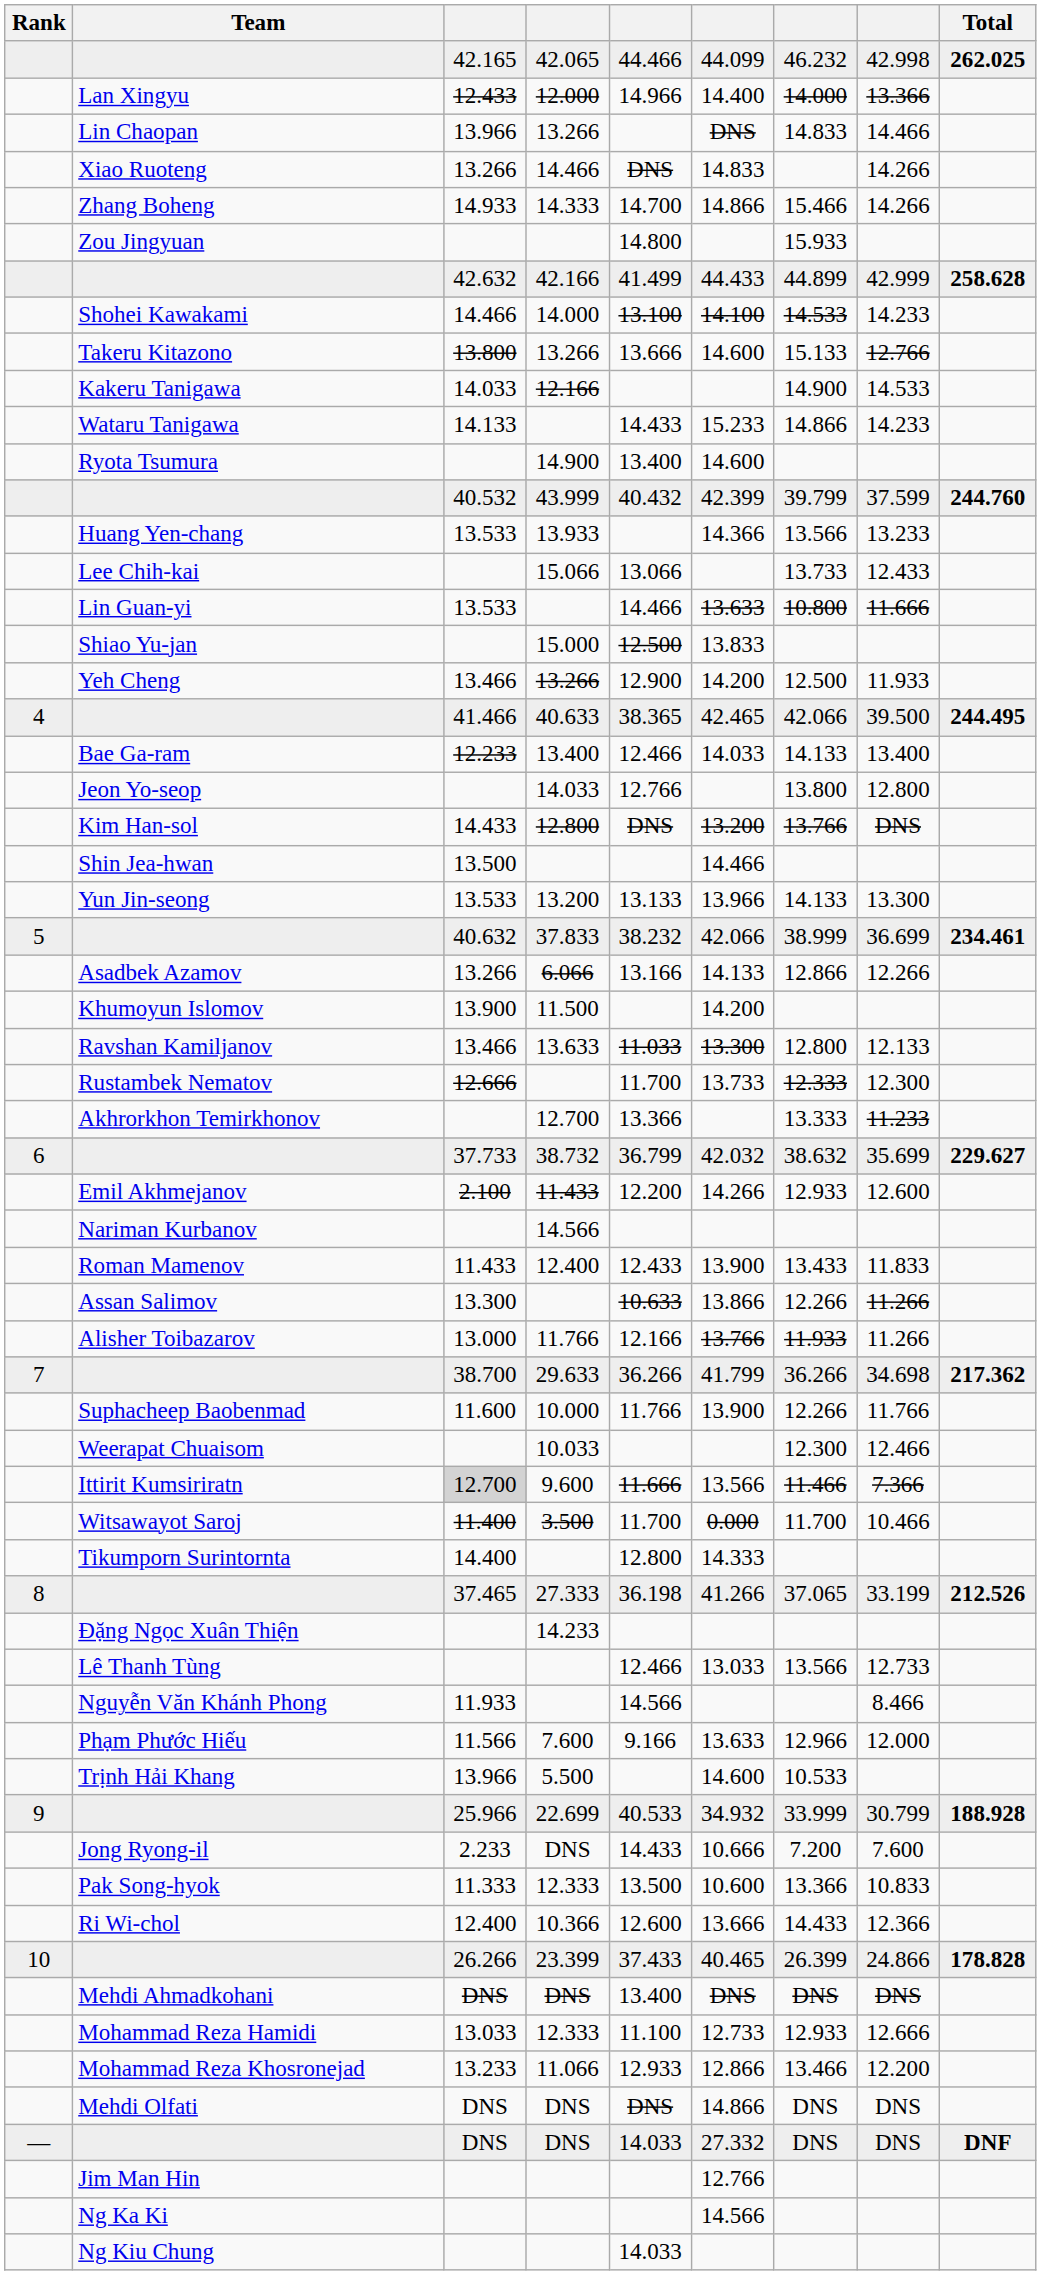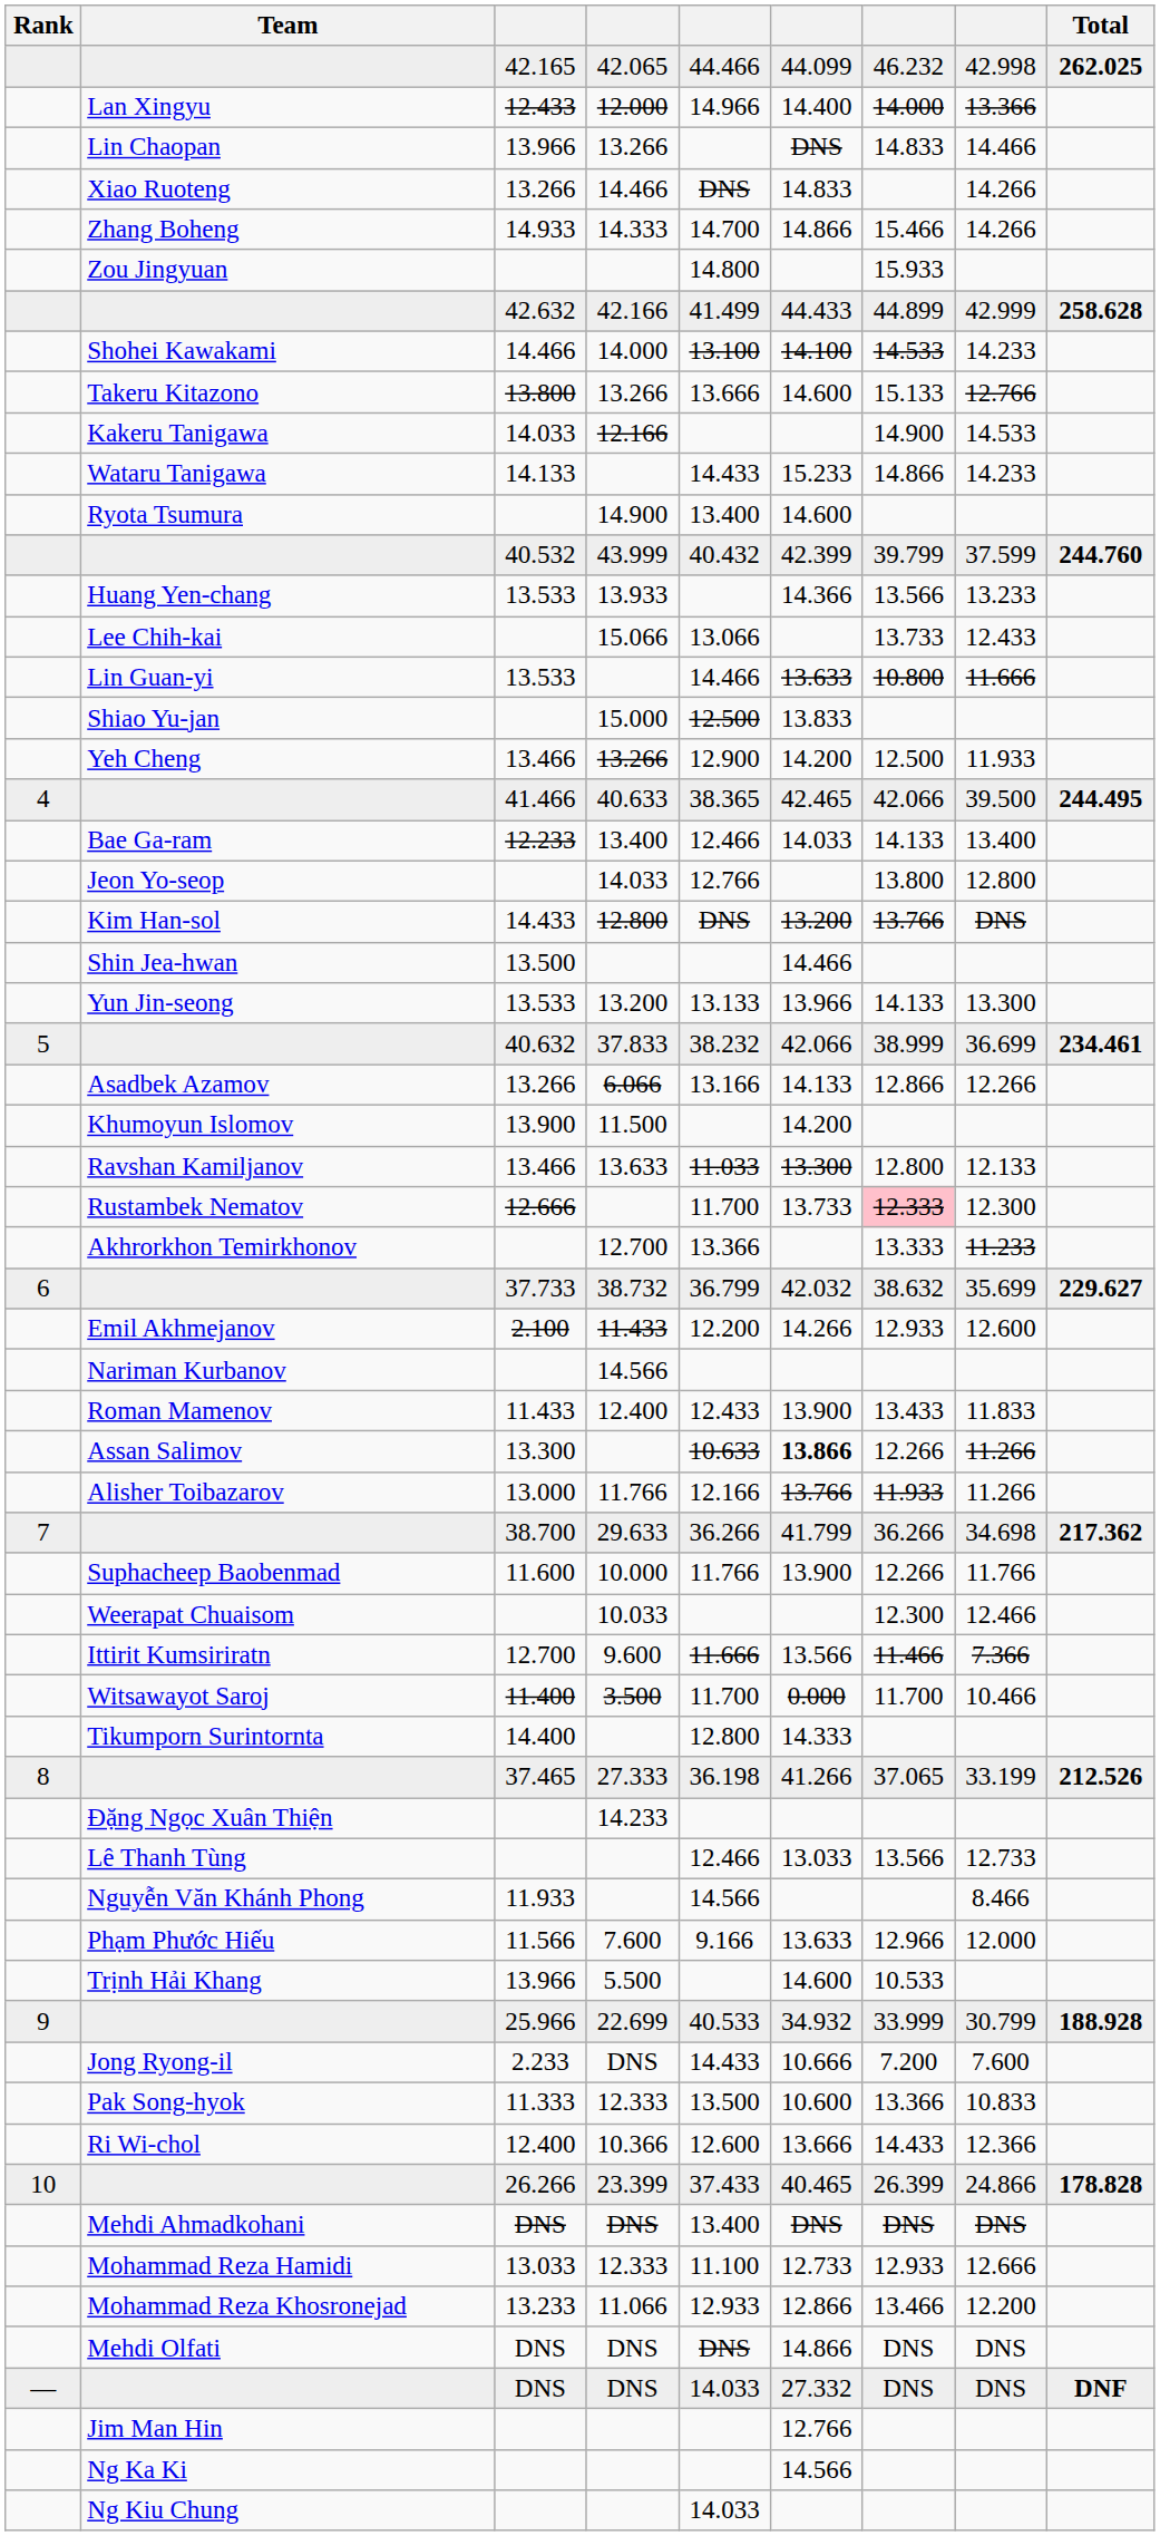 <table class=wikitable style="text-align:center">
 <tr>
 <th width=40>Rank</th>
 <th width=250>Team</th>
 <th width=50></th>
 <th width=50></th>
 <th width=50></th>
 <th width=50></th>
 <th width=50></th>
 <th width=50></th>
 <th width=60>Total</th>
 </tr>
 <tr bgcolor=eeeeee>
 <td></td>
 <td align=left></td>
 <td>42.165</td>
 <td>42.065</td>
 <td>44.466</td>
 <td>44.099</td>
 <td>46.232</td>
 <td>42.998</td>
 <td><strong>262.025</strong></td>
 </tr>
 <tr>
 <td></td>
 <td align=left><a href='#'>Lan Xingyu</a></td>
 <td><s>12.433</s></td>
 <td><s>12.000</s></td>
 <td>14.966</td>
 <td>14.400</td>
 <td><s>14.000</s></td>
 <td><s>13.366</s></td>
 <td></td>
 </tr>
 <tr>
 <td></td>
 <td align=left><a href='#'>Lin Chaopan</a></td>
 <td>13.966</td>
 <td>13.266</td>
 <td></td>
 <td><s>DNS</s></td>
 <td>14.833</td>
 <td>14.466</td>
 <td></td>
 </tr>
 <tr>
 <td></td>
 <td align=left><a href='#'>Xiao Ruoteng</a></td>
 <td>13.266</td>
 <td>14.466</td>
 <td><s>DNS</s></td>
 <td>14.833</td>
 <td></td>
 <td>14.266</td>
 <td></td>
 </tr>
 <tr>
 <td></td>
 <td align=left><a href='#'>Zhang Boheng</a></td>
 <td>14.933</td>
 <td>14.333</td>
 <td>14.700</td>
 <td>14.866</td>
 <td>15.466</td>
 <td>14.266</td>
 <td></td>
 </tr>
 <tr>
 <td></td>
 <td align=left><a href='#'>Zou Jingyuan</a></td>
 <td></td>
 <td></td>
 <td>14.800</td>
 <td></td>
 <td>15.933</td>
 <td></td>
 <td></td>
 </tr>
 <tr bgcolor=eeeeee>
 <td></td>
 <td align=left></td>
 <td>42.632</td>
 <td>42.166</td>
 <td>41.499</td>
 <td>44.433</td>
 <td>44.899</td>
 <td>42.999</td>
 <td><strong>258.628</strong></td>
 </tr>
 <tr>
 <td></td>
 <td align=left><a href='#'>Shohei Kawakami</a></td>
 <td>14.466</td>
 <td>14.000</td>
 <td><s>13.100</s></td>
 <td><s>14.100</s></td>
 <td><s>14.533</s></td>
 <td>14.233</td>
 <td></td>
 </tr>
 <tr>
 <td></td>
 <td align=left><a href='#'>Takeru Kitazono</a></td>
 <td><s>13.800</s></td>
 <td>13.266</td>
 <td>13.666</td>
 <td>14.600</td>
 <td>15.133</td>
 <td><s>12.766</s></td>
 <td></td>
 </tr>
 <tr>
 <td></td>
 <td align=left><a href='#'>Kakeru Tanigawa</a></td>
 <td>14.033</td>
 <td><s>12.166</s></td>
 <td></td>
 <td></td>
 <td>14.900</td>
 <td>14.533</td>
 <td></td>
 </tr>
 <tr>
 <td></td>
 <td align=left><a href='#'>Wataru Tanigawa</a></td>
 <td>14.133</td>
 <td></td>
 <td>14.433</td>
 <td>15.233</td>
 <td>14.866</td>
 <td>14.233</td>
 <td></td>
 </tr>
 <tr>
 <td></td>
 <td align=left><a href='#'>Ryota Tsumura</a></td>
 <td></td>
 <td>14.900</td>
 <td>13.400</td>
 <td>14.600</td>
 <td></td>
 <td></td>
 <td></td>
 </tr>
 <tr bgcolor=eeeeee>
 <td></td>
 <td align=left></td>
 <td>40.532</td>
 <td>43.999</td>
 <td>40.432</td>
 <td>42.399</td>
 <td>39.799</td>
 <td>37.599</td>
 <td><strong>244.760</strong></td>
 </tr>
 <tr>
 <td></td>
 <td align=left><a href='#'>Huang Yen-chang</a></td>
 <td>13.533</td>
 <td>13.933</td>
 <td></td>
 <td>14.366</td>
 <td>13.566</td>
 <td>13.233</td>
 <td></td>
 </tr>
 <tr>
 <td></td>
 <td align=left><a href='#'>Lee Chih-kai</a></td>
 <td></td>
 <td>15.066</td>
 <td>13.066</td>
 <td></td>
 <td>13.733</td>
 <td>12.433</td>
 <td></td>
 </tr>
 <tr>
 <td></td>
 <td align=left><a href='#'>Lin Guan-yi</a></td>
 <td>13.533</td>
 <td></td>
 <td>14.466</td>
 <td><s>13.633</s></td>
 <td><s>10.800</s></td>
 <td><s>11.666</s></td>
 <td></td>
 </tr>
 <tr>
 <td></td>
 <td align=left><a href='#'>Shiao Yu-jan</a></td>
 <td></td>
 <td>15.000</td>
 <td><s>12.500</s></td>
 <td>13.833</td>
 <td></td>
 <td></td>
 <td></td>
 </tr>
 <tr>
 <td></td>
 <td align=left><a href='#'>Yeh Cheng</a></td>
 <td>13.466</td>
 <td><s>13.266</s></td>
 <td>12.900</td>
 <td>14.200</td>
 <td>12.500</td>
 <td>11.933</td>
 <td></td>
 </tr>
 <tr bgcolor=eeeeee>
 <td>4</td>
 <td align=left></td>
 <td>41.466</td>
 <td>40.633</td>
 <td>38.365</td>
 <td>42.465</td>
 <td>42.066</td>
 <td>39.500</td>
 <td><strong>244.495</strong></td>
 </tr>
 <tr>
 <td></td>
 <td align=left><a href='#'>Bae Ga-ram</a></td>
 <td><s>12.233</s></td>
 <td>13.400</td>
 <td>12.466</td>
 <td>14.033</td>
 <td>14.133</td>
 <td>13.400</td>
 <td></td>
 </tr>
 <tr>
 <td></td>
 <td align=left><a href='#'>Jeon Yo-seop</a></td>
 <td></td>
 <td>14.033</td>
 <td>12.766</td>
 <td></td>
 <td>13.800</td>
 <td>12.800</td>
 <td></td>
 </tr>
 <tr>
 <td></td>
 <td align=left><a href='#'>Kim Han-sol</a></td>
 <td>14.433</td>
 <td><s>12.800</s></td>
 <td><s>DNS</s></td>
 <td><s>13.200</s></td>
 <td><s>13.766</s></td>
 <td><s>DNS</s></td>
 <td></td>
 </tr>
 <tr>
 <td></td>
 <td align=left><a href='#'>Shin Jea-hwan</a></td>
 <td>13.500</td>
 <td></td>
 <td></td>
 <td>14.466</td>
 <td></td>
 <td></td>
 <td></td>
 </tr>
 <tr>
 <td></td>
 <td align=left><a href='#'>Yun Jin-seong</a></td>
 <td>13.533</td>
 <td>13.200</td>
 <td>13.133</td>
 <td>13.966</td>
 <td>14.133</td>
 <td>13.300</td>
 <td></td>
 </tr>
 <tr bgcolor=eeeeee>
 <td>5</td>
 <td align=left></td>
 <td>40.632</td>
 <td>37.833</td>
 <td>38.232</td>
 <td>42.066</td>
 <td>38.999</td>
 <td>36.699</td>
 <td><strong>234.461</strong></td>
 </tr>
 <tr>
 <td></td>
 <td align=left><a href='#'>Asadbek Azamov</a></td>
 <td>13.266</td>
 <td><s>6.066</s></td>
 <td>13.166</td>
 <td>14.133</td>
 <td>12.866</td>
 <td>12.266</td>
 <td></td>
 </tr>
 <tr>
 <td></td>
 <td align=left><a href='#'>Khumoyun Islomov</a></td>
 <td>13.900</td>
 <td>11.500</td>
 <td></td>
 <td>14.200</td>
 <td></td>
 <td></td>
 <td></td>
 </tr>
 <tr>
 <td></td>
 <td align=left><a href='#'>Ravshan Kamiljanov</a></td>
 <td>13.466</td>
 <td>13.633</td>
 <td><s>11.033</s></td>
 <td><s>13.300</s></td>
 <td>12.800</td>
 <td>12.133</td>
 <td></td>
 </tr>
 <tr>
 <td></td>
 <td align=left><a href='#'>Rustambek Nematov</a></td>
 <td><s>12.666</s></td>
 <td></td>
 <td>11.700</td>
 <td>13.733</td>
-<td><s>12.333</s></td>
+<td style="background: pink;"><s>12.333</s></td>
 <td>12.300</td>
 <td></td>
 </tr>
 <tr>
 <td></td>
 <td align=left><a href='#'>Akhrorkhon Temirkhonov</a></td>
 <td></td>
 <td>12.700</td>
 <td>13.366</td>
 <td></td>
 <td>13.333</td>
 <td><s>11.233</s></td>
 <td></td>
 </tr>
 <tr bgcolor=eeeeee>
 <td>6</td>
 <td align=left></td>
 <td>37.733</td>
 <td>38.732</td>
 <td>36.799</td>
 <td>42.032</td>
 <td>38.632</td>
 <td>35.699</td>
 <td><strong>229.627</strong></td>
 </tr>
 <tr>
 <td></td>
 <td align=left><a href='#'>Emil Akhmejanov</a></td>
 <td><s>2.100</s></td>
 <td><s>11.433</s></td>
 <td>12.200</td>
 <td>14.266</td>
 <td>12.933</td>
 <td>12.600</td>
 <td></td>
 </tr>
 <tr>
 <td></td>
 <td align=left><a href='#'>Nariman Kurbanov</a></td>
 <td></td>
 <td>14.566</td>
 <td></td>
 <td></td>
 <td></td>
 <td></td>
 <td></td>
 </tr>
 <tr>
 <td></td>
 <td align=left><a href='#'>Roman Mamenov</a></td>
 <td>11.433</td>
 <td>12.400</td>
 <td>12.433</td>
 <td>13.900</td>
 <td>13.433</td>
 <td>11.833</td>
 <td></td>
 </tr>
 <tr>
 <td></td>
 <td align=left><a href='#'>Assan Salimov</a></td>
 <td>13.300</td>
 <td></td>
 <td><s>10.633</s></td>
-<td>13.866</td>
+<td><strong>13.866</strong></td>
 <td>12.266</td>
 <td><s>11.266</s></td>
 <td></td>
 </tr>
 <tr>
 <td></td>
 <td align=left><a href='#'>Alisher Toibazarov</a></td>
 <td>13.000</td>
 <td>11.766</td>
 <td>12.166</td>
 <td><s>13.766</s></td>
 <td><s>11.933</s></td>
 <td>11.266</td>
 <td></td>
 </tr>
 <tr bgcolor=eeeeee>
 <td>7</td>
 <td align=left></td>
 <td>38.700</td>
 <td>29.633</td>
 <td>36.266</td>
 <td>41.799</td>
 <td>36.266</td>
 <td>34.698</td>
 <td><strong>217.362</strong></td>
 </tr>
 <tr>
 <td></td>
 <td align=left><a href='#'>Suphacheep Baobenmad</a></td>
 <td>11.600</td>
 <td>10.000</td>
 <td>11.766</td>
 <td>13.900</td>
 <td>12.266</td>
 <td>11.766</td>
 <td></td>
 </tr>
 <tr>
 <td></td>
 <td align=left><a href='#'>Weerapat Chuaisom</a></td>
 <td></td>
 <td>10.033</td>
 <td></td>
 <td></td>
 <td>12.300</td>
 <td>12.466</td>
 <td></td>
 </tr>
 <tr>
 <td></td>
 <td align=left><a href='#'>Ittirit Kumsiriratn</a></td>
-<td style="background: lightgrey;">12.700</td>
+<td>12.700</td>
 <td>9.600</td>
 <td><s>11.666</s></td>
 <td>13.566</td>
 <td><s>11.466</s></td>
 <td><s>7.366</s></td>
 <td></td>
 </tr>
 <tr>
 <td></td>
 <td align=left><a href='#'>Witsawayot Saroj</a></td>
 <td><s>11.400</s></td>
 <td><s>3.500</s></td>
 <td>11.700</td>
 <td><s>0.000</s></td>
 <td>11.700</td>
 <td>10.466</td>
 <td></td>
 </tr>
 <tr>
 <td></td>
 <td align=left><a href='#'>Tikumporn Surintornta</a></td>
 <td>14.400</td>
 <td></td>
 <td>12.800</td>
 <td>14.333</td>
 <td></td>
 <td></td>
 <td></td>
 </tr>
 <tr bgcolor=eeeeee>
 <td>8</td>
 <td align=left></td>
 <td>37.465</td>
 <td>27.333</td>
 <td>36.198</td>
 <td>41.266</td>
 <td>37.065</td>
 <td>33.199</td>
 <td><strong>212.526</strong></td>
 </tr>
 <tr>
 <td></td>
 <td align=left><a href='#'>Đặng Ngọc Xuân Thiện</a></td>
 <td></td>
 <td>14.233</td>
 <td></td>
 <td></td>
 <td></td>
 <td></td>
 <td></td>
 </tr>
 <tr>
 <td></td>
 <td align=left><a href='#'>Lê Thanh Tùng</a></td>
 <td></td>
 <td></td>
 <td>12.466</td>
 <td>13.033</td>
 <td>13.566</td>
 <td>12.733</td>
 <td></td>
 </tr>
 <tr>
 <td></td>
 <td align=left><a href='#'>Nguyễn Văn Khánh Phong</a></td>
 <td>11.933</td>
 <td></td>
 <td>14.566</td>
 <td></td>
 <td></td>
 <td>8.466</td>
 <td></td>
 </tr>
 <tr>
 <td></td>
 <td align=left><a href='#'>Phạm Phước Hiếu</a></td>
 <td>11.566</td>
 <td>7.600</td>
 <td>9.166</td>
 <td>13.633</td>
 <td>12.966</td>
 <td>12.000</td>
 <td></td>
 </tr>
 <tr>
 <td></td>
 <td align=left><a href='#'>Trịnh Hải Khang</a></td>
 <td>13.966</td>
 <td>5.500</td>
 <td></td>
 <td>14.600</td>
 <td>10.533</td>
 <td></td>
 <td></td>
 </tr>
 <tr bgcolor=eeeeee>
 <td>9</td>
 <td align=left></td>
 <td>25.966</td>
 <td>22.699</td>
 <td>40.533</td>
 <td>34.932</td>
 <td>33.999</td>
 <td>30.799</td>
 <td><strong>188.928</strong></td>
 </tr>
 <tr>
 <td></td>
 <td align=left><a href='#'>Jong Ryong-il</a></td>
 <td>2.233</td>
 <td>DNS</td>
 <td>14.433</td>
 <td>10.666</td>
 <td>7.200</td>
 <td>7.600</td>
 <td></td>
 </tr>
 <tr>
 <td></td>
 <td align=left><a href='#'>Pak Song-hyok</a></td>
 <td>11.333</td>
 <td>12.333</td>
 <td>13.500</td>
 <td>10.600</td>
 <td>13.366</td>
 <td>10.833</td>
 <td></td>
 </tr>
 <tr>
 <td></td>
 <td align=left><a href='#'>Ri Wi-chol</a></td>
 <td>12.400</td>
 <td>10.366</td>
 <td>12.600</td>
 <td>13.666</td>
 <td>14.433</td>
 <td>12.366</td>
 <td></td>
 </tr>
 <tr bgcolor=eeeeee>
 <td>10</td>
 <td align=left></td>
 <td>26.266</td>
 <td>23.399</td>
 <td>37.433</td>
 <td>40.465</td>
 <td>26.399</td>
 <td>24.866</td>
 <td><strong>178.828</strong></td>
 </tr>
 <tr>
 <td></td>
 <td align=left><a href='#'>Mehdi Ahmadkohani</a></td>
 <td><s>DNS</s></td>
 <td><s>DNS</s></td>
 <td>13.400</td>
 <td><s>DNS</s></td>
 <td><s>DNS</s></td>
 <td><s>DNS</s></td>
 <td></td>
 </tr>
 <tr>
 <td></td>
 <td align=left><a href='#'>Mohammad Reza Hamidi</a></td>
 <td>13.033</td>
 <td>12.333</td>
 <td>11.100</td>
 <td>12.733</td>
 <td>12.933</td>
 <td>12.666</td>
 <td></td>
 </tr>
 <tr>
 <td></td>
 <td align=left><a href='#'>Mohammad Reza Khosronejad</a></td>
 <td>13.233</td>
 <td>11.066</td>
 <td>12.933</td>
 <td>12.866</td>
 <td>13.466</td>
 <td>12.200</td>
 <td></td>
 </tr>
 <tr>
 <td></td>
 <td align=left><a href='#'>Mehdi Olfati</a></td>
 <td>DNS</td>
 <td>DNS</td>
 <td><s>DNS</s></td>
 <td>14.866</td>
 <td>DNS</td>
 <td>DNS</td>
 <td></td>
 </tr>
 <tr bgcolor=eeeeee>
 <td>—</td>
 <td align=left></td>
 <td>DNS</td>
 <td>DNS</td>
 <td>14.033</td>
 <td>27.332</td>
 <td>DNS</td>
 <td>DNS</td>
 <td><strong>DNF</strong></td>
 </tr>
 <tr>
 <td></td>
 <td align=left><a href='#'>Jim Man Hin</a></td>
 <td></td>
 <td></td>
 <td></td>
 <td>12.766</td>
 <td></td>
 <td></td>
 <td></td>
 </tr>
 <tr>
 <td></td>
 <td align=left><a href='#'>Ng Ka Ki</a></td>
 <td></td>
 <td></td>
 <td></td>
 <td>14.566</td>
 <td></td>
 <td></td>
 <td></td>
 </tr>
 <tr>
 <td></td>
 <td align=left><a href='#'>Ng Kiu Chung</a></td>
 <td></td>
 <td></td>
 <td>14.033</td>
 <td></td>
 <td></td>
 <td></td>
 <td></td>
 </tr>
 </table>
